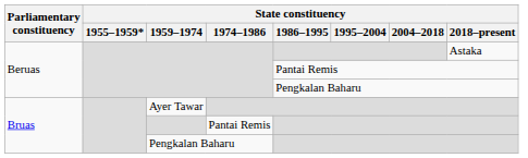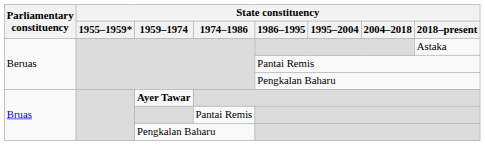 <table class="wikitable">
 <tr>
 <th rowspan="2">Parliamentary<br>constituency</th>
 <th colspan="7">State constituency</th>
 </tr>
 <tr>
 <th>1955–1959*</th>
 <th>1959–1974</th>
 <th>1974–1986</th>
 <th>1986–1995</th>
 <th>1995–2004</th>
 <th>2004–2018</th>
 <th>2018–present</th>
 </tr>
 <tr>
 <td rowspan="3">Beruas</td>
 <td colspan="3" rowspan="3" bgcolor="dcdcdc"></td>
 <td colspan="3" bgcolor="dcdcdc"></td>
 <td>Astaka</td>
 </tr>
 <tr>
 <td colspan="4">Pantai Remis</td>
 </tr>
 <tr>
 <td colspan="4">Pengkalan Baharu</td>
 </tr>
 <tr>
 <td rowspan="3"><a href='#'>Bruas</a></td>
 <td rowspan="3" bgcolor="dcdcdc"></td>
-<td>Ayer Tawar</td>
+<td><strong>Ayer Tawar</strong></td>
 <td colspan="5" bgcolor="dcdcdc"></td>
 </tr>
 <tr>
 <td bgcolor="dcdcdc"></td>
 <td>Pantai Remis</td>
 <td colspan="4" bgcolor="dcdcdc"></td>
 </tr>
 <tr>
 <td colspan="2">Pengkalan Baharu</td>
 <td colspan="4" bgcolor="dcdcdc"></td>
 </tr>
 </table>
